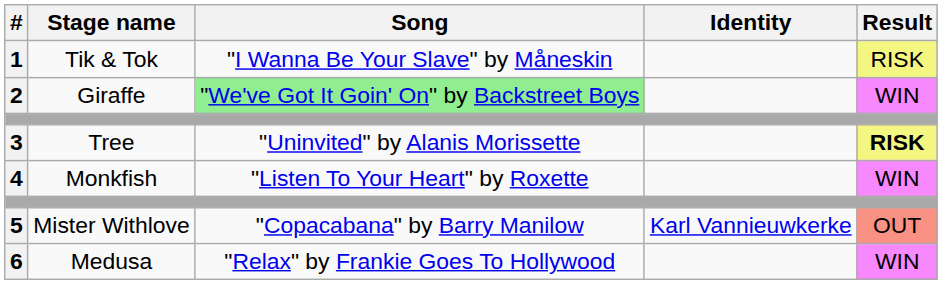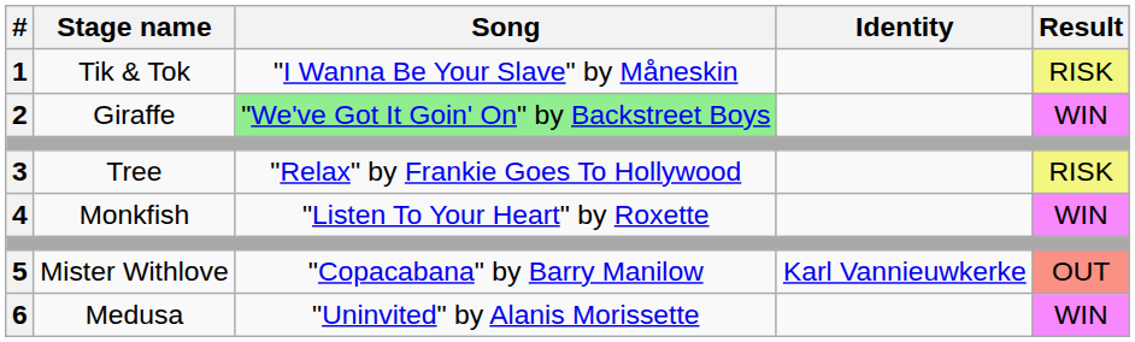 <table class="wikitable plainrowheaders" style="text-align: center;">
 <tr>
 <th>#</th>
 <th>Stage name</th>
 <th>Song</th>
 <th>Identity</th>
 <th>Result</th>
 </tr>
 <tr>
 <th>1</th>
 <td>Tik & Tok</td>
 <td>"<a href='#'>I Wanna Be Your Slave</a>" by <a href='#'>Måneskin</a></td>
 <td></td>
 <td bgcolor=#F3F781>RISK</td>
 </tr>
 <tr>
 <th>2</th>
 <td>Giraffe</td>
 <td style="background: lightgreen;">"<a href='#'>We've Got It Goin' On</a>" by <a href='#'>Backstreet Boys</a></td>
 <td></td>
 <td bgcolor="#F888FD">WIN</td>
 </tr>
 <tr>
 <td colspan="5" style="background:darkgray"></td>
 </tr>
 <tr>
 <th>3</th>
 <td>Tree</td>
-<td>"<a href='#'>Uninvited</a>" by <a href='#'>Alanis Morissette</a></td>
+<td>"<a href='#'>Relax</a>" by <a href='#'>Frankie Goes To Hollywood</a></td>
 <td></td>
-<td bgcolor=#F3F781><strong>RISK</strong></td>
+<td bgcolor=#F3F781>RISK</td>
 </tr>
 <tr>
 <th>4</th>
 <td>Monkfish</td>
 <td>"<a href='#'>Listen To Your Heart</a>" by <a href='#'>Roxette</a></td>
 <td></td>
 <td bgcolor="#F888FD">WIN</td>
 </tr>
 <tr>
 <td colspan="5" style="background:darkgray"></td>
 </tr>
 <tr>
 <th>5</th>
 <td>Mister Withlove</td>
 <td>"<a href='#'>Copacabana</a>" by <a href='#'>Barry Manilow</a></td>
 <td><a href='#'>Karl Vannieuwkerke</a></td>
 <td bgcolor="#F99185">OUT</td>
 </tr>
 <tr>
 <th>6</th>
 <td>Medusa</td>
-<td>"<a href='#'>Relax</a>" by <a href='#'>Frankie Goes To Hollywood</a></td>
+<td>"<a href='#'>Uninvited</a>" by <a href='#'>Alanis Morissette</a></td>
 <td></td>
 <td bgcolor="#F888FD">WIN</td>
 </tr>
 </table>
